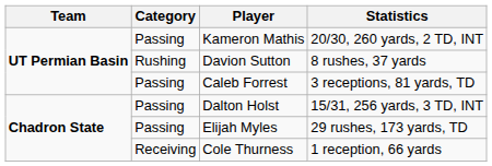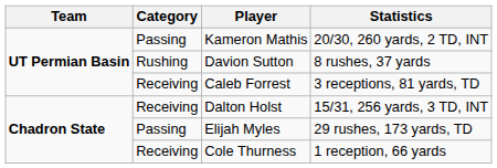 <table class="wikitable" style="float: right;">
 <tr>
 <th>Team</th>
 <th>Category</th>
 <th>Player</th>
 <th>Statistics</th>
 </tr>
 <tr>
 <td rowspan=3><strong>UT Permian Basin</strong></td>
 <td>Passing</td>
 <td>Kameron Mathis</td>
 <td>20/30, 260 yards, 2 TD, INT</td>
 </tr>
 <tr>
 <td>Rushing</td>
 <td>Davion Sutton</td>
 <td>8 rushes, 37 yards</td>
 </tr>
 <tr>
-<td>Passing</td>
+<td>Receiving</td>
 <td>Caleb Forrest</td>
 <td>3 receptions, 81 yards, TD</td>
 </tr>
 <tr>
 <td rowspan=3><strong>Chadron State</strong></td>
-<td>Passing</td>
+<td>Receiving</td>
 <td>Dalton Holst</td>
 <td>15/31, 256 yards, 3 TD, INT</td>
 </tr>
 <tr>
 <td>Passing</td>
 <td>Elijah Myles</td>
 <td>29 rushes, 173 yards, TD</td>
 </tr>
 <tr>
 <td>Receiving</td>
 <td>Cole Thurness</td>
 <td>1 reception, 66 yards</td>
 </tr>
 </table>
